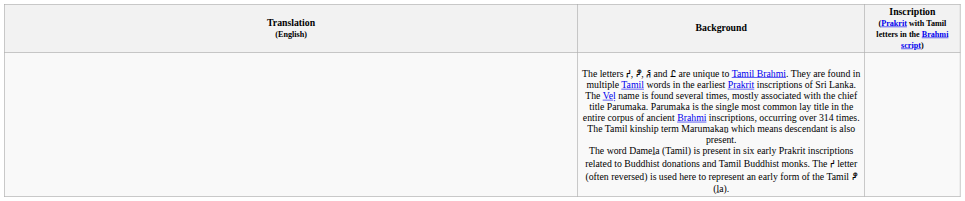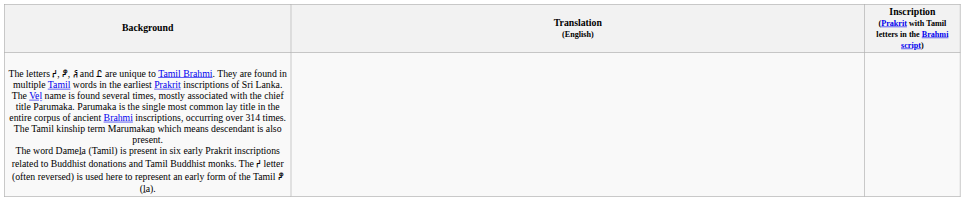 <table class="wikitable centre">
 <tr>
+<th scope="col" align=left>Background<br></th>
 <th>Translation<br><small>(English)</small></th>
-<th scope="col" align=left>Background<br></th>
 <th>Inscription<br><small>(<a href='#'>Prakrit</a> with Tamil letters in the <a href='#'>Brahmi script</a>)</small></th>
 </tr>
 <tr>
+<td align=center width="30%"><br>The letters 𑀴, 𑀵, 𑀶 and 𑀷 are unique to <a href='#'>Tamil Brahmi</a>. They are found in multiple <a href='#'>Tamil</a> words in the earliest <a href='#'>Prakrit</a> inscriptions of Sri Lanka.<br>The <a href='#'>Veḷ</a> name is found several times, mostly associated with the chief title Parumaka. Parumaka is the single most common lay title in the entire corpus of ancient <a href='#'>Brahmi</a> inscriptions, occurring over 314 times.<br>The Tamil kinship term Marumakaṉ which means descendant is also present.<br>The word Dameḻa (Tamil) is present in six early Prakrit inscriptions related to Buddhist donations and Tamil Buddhist monks. The 𑀟 letter (often reversed) is used here to represent an early form of the Tamil 𑀵 (ḻa).</td>
 <td align=left><br></td>
-<td align=center width="30%"><br>The letters 𑀴, 𑀵, 𑀶 and 𑀷 are unique to <a href='#'>Tamil Brahmi</a>. They are found in multiple <a href='#'>Tamil</a> words in the earliest <a href='#'>Prakrit</a> inscriptions of Sri Lanka.<br>The <a href='#'>Veḷ</a> name is found several times, mostly associated with the chief title Parumaka. Parumaka is the single most common lay title in the entire corpus of ancient <a href='#'>Brahmi</a> inscriptions, occurring over 314 times.<br>The Tamil kinship term Marumakaṉ which means descendant is also present.<br>The word Dameḻa (Tamil) is present in six early Prakrit inscriptions related to Buddhist donations and Tamil Buddhist monks. The 𑀟 letter (often reversed) is used here to represent an early form of the Tamil 𑀵 (ḻa).</td>
 <td align=center width="10%"><br>   </td>
 </tr>
 </table>
